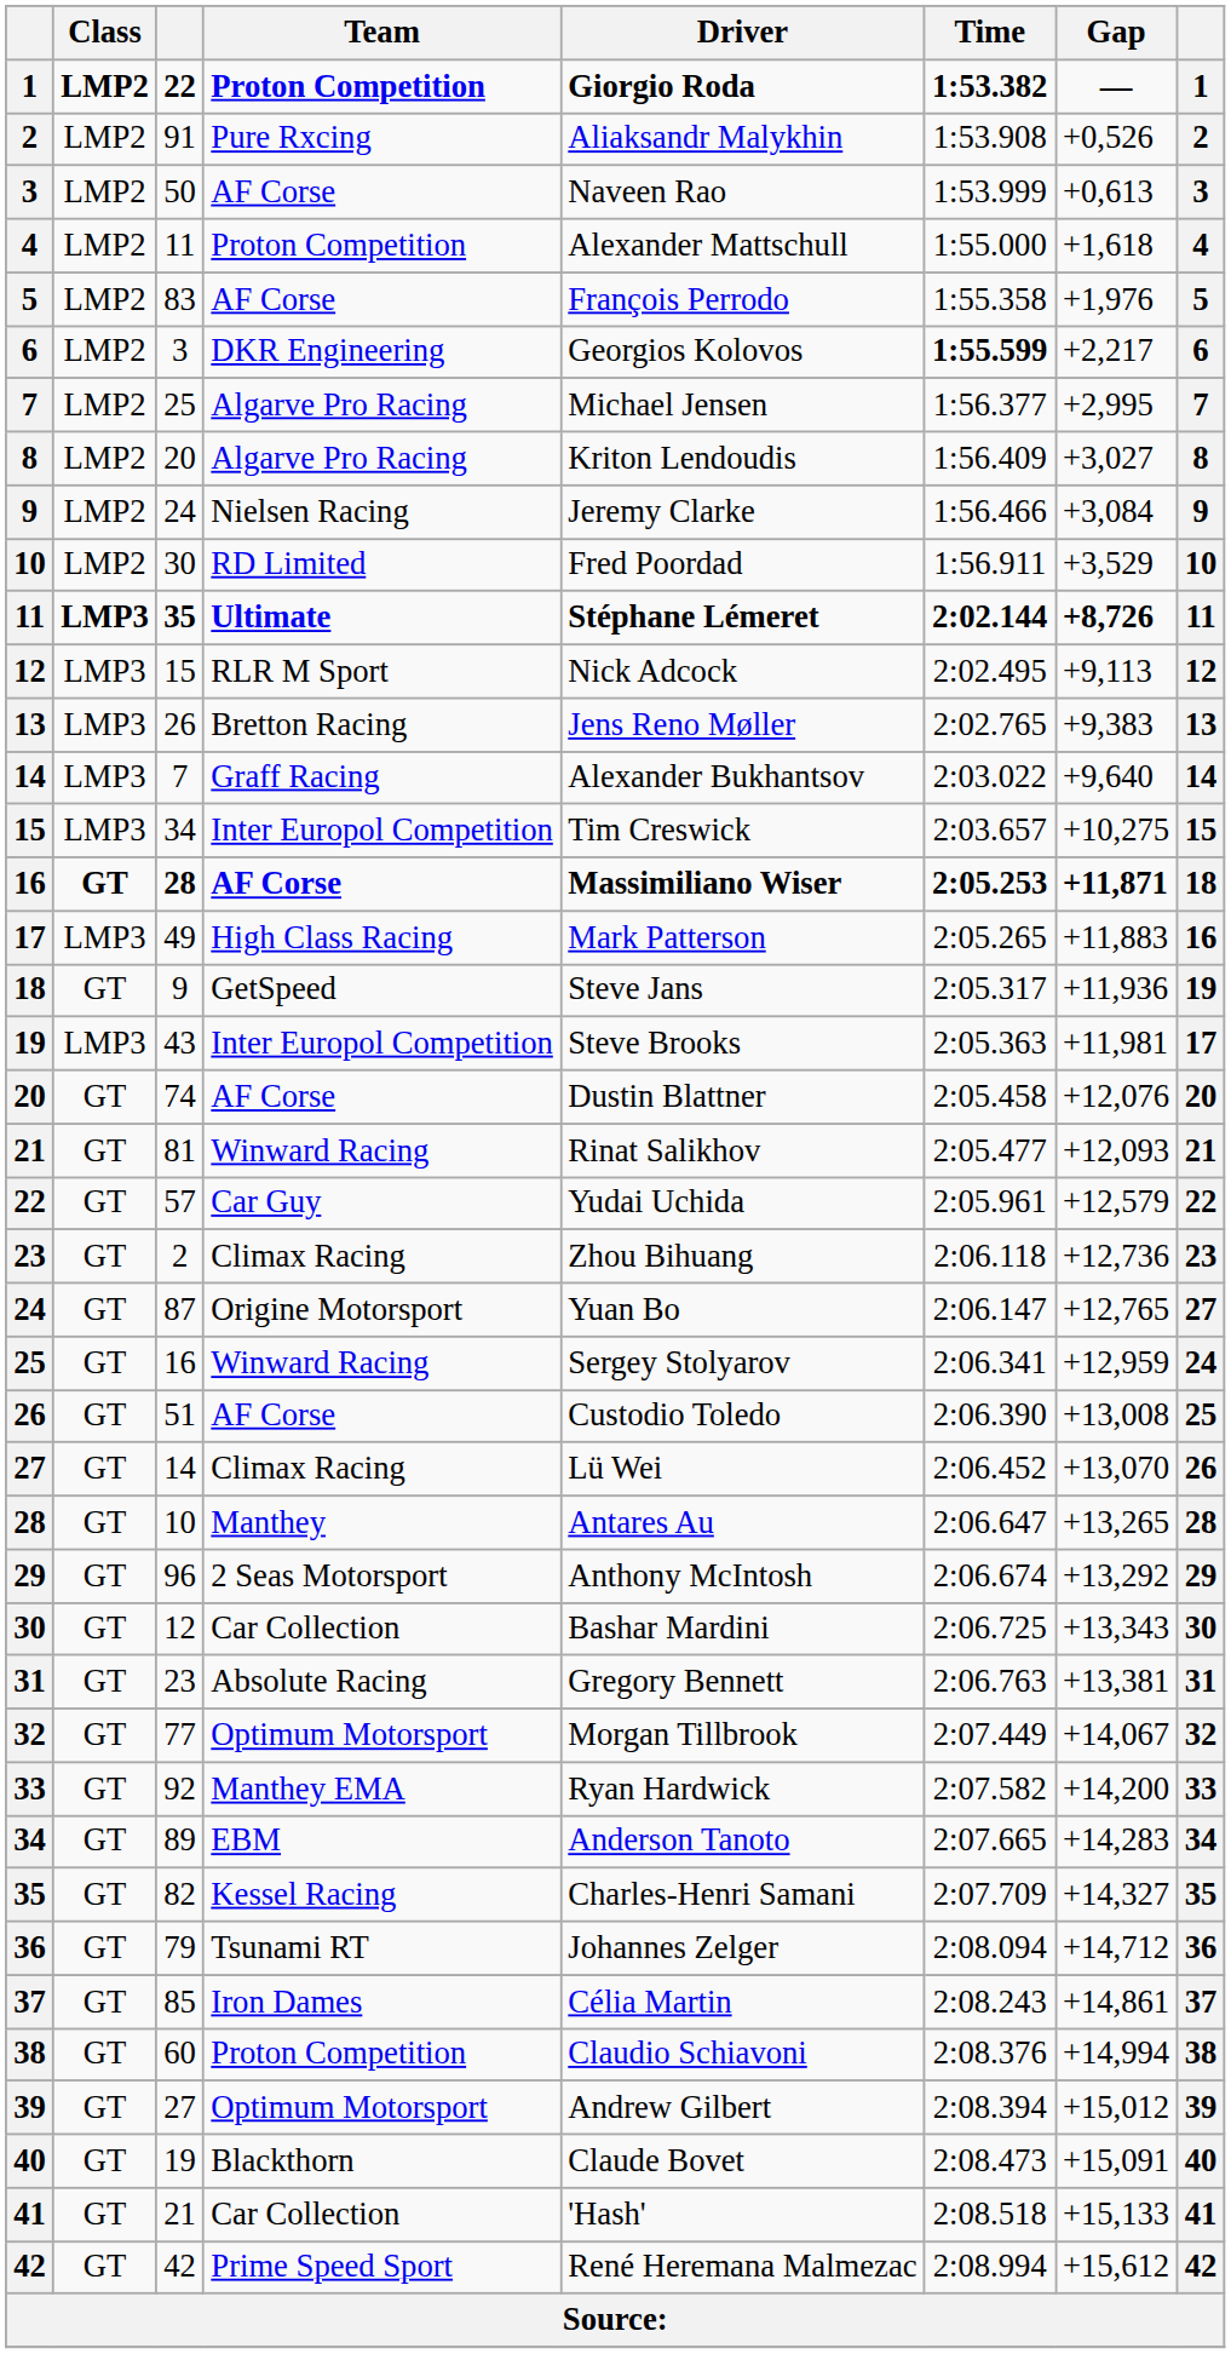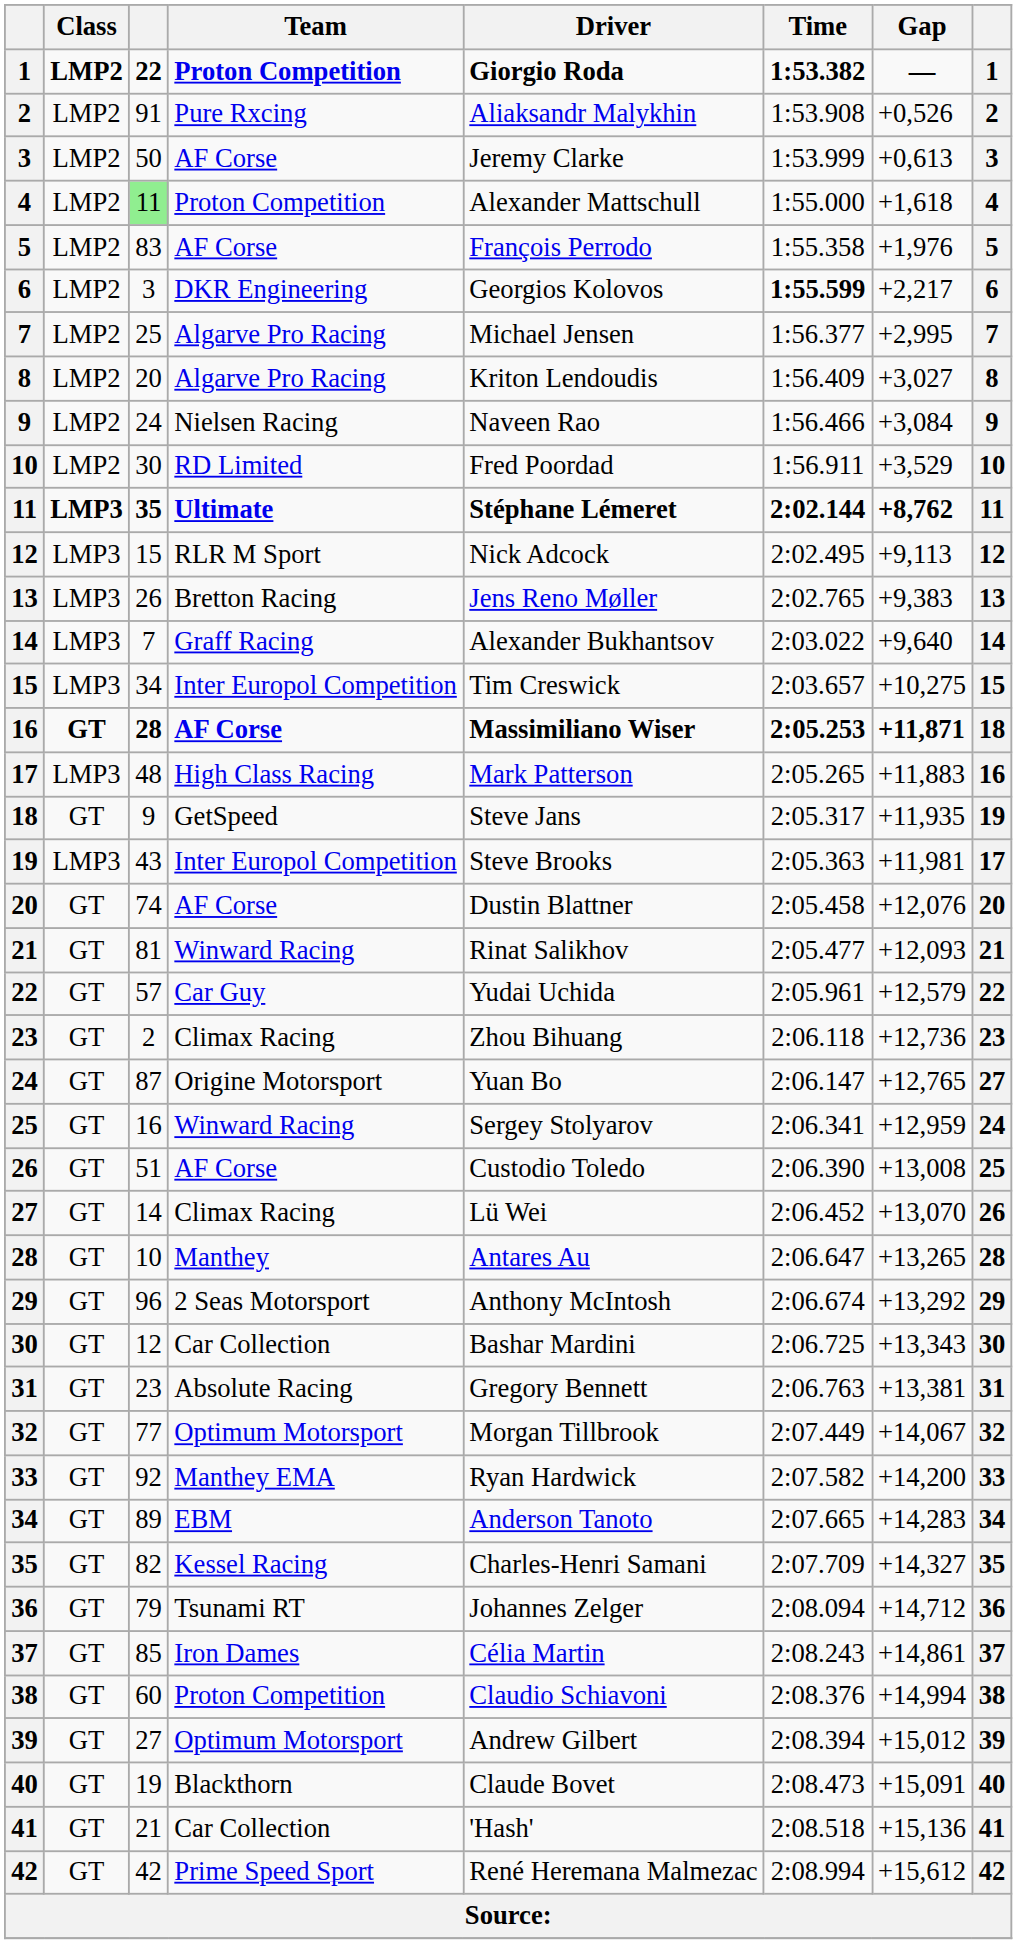 <table class="wikitable sortable" style="font-size: 90%;">
 <tr>
 <th></th>
 <th class="unsortable">Class</th>
 <th class="unsortable"></th>
 <th class="unsortable">Team</th>
 <th class="unsortable">Driver</th>
 <th class="unsortable">Time</th>
 <th class="unsortable">Gap</th>
 <th></th>
 </tr>
 <tr style="font-weight: bold;">
 <th>1</th>
 <td align="center">LMP2</td>
 <td align="center">22</td>
 <td> <a href='#'>Proton Competition</a></td>
 <td> Giorgio Roda</td>
 <td align="center">1:53.382</td>
 <td align="center">—</td>
 <th>1</th>
 </tr>
 <tr>
 <th>2</th>
 <td align="center">LMP2</td>
 <td align="center">91</td>
 <td> <a href='#'>Pure Rxcing</a></td>
 <td> <a href='#'>Aliaksandr Malykhin</a></td>
 <td align="center">1:53.908</td>
 <td>+0,526</td>
 <th>2</th>
 </tr>
 <tr>
 <th>3</th>
 <td align="center">LMP2</td>
 <td align="center">50</td>
 <td> <a href='#'>AF Corse</a></td>
-<td> Naveen Rao</td>
+<td> Jeremy Clarke</td>
 <td align="center">1:53.999</td>
 <td>+0,613</td>
 <th>3</th>
 </tr>
 <tr>
 <th>4</th>
 <td align="center">LMP2</td>
-<td align="center">11</td>
+<td align="center" style="background: lightgreen;">11</td>
 <td> <a href='#'>Proton Competition</a></td>
 <td> Alexander Mattschull</td>
 <td align="center">1:55.000</td>
 <td>+1,618</td>
 <th>4</th>
 </tr>
 <tr>
 <th>5</th>
 <td align="center">LMP2</td>
 <td align="center">83</td>
 <td> <a href='#'>AF Corse</a></td>
 <td> <a href='#'>François Perrodo</a></td>
 <td align="center">1:55.358</td>
 <td>+1,976</td>
 <th>5</th>
 </tr>
 <tr>
 <th>6</th>
 <td align="center">LMP2</td>
 <td align="center">3</td>
 <td> <a href='#'>DKR Engineering</a></td>
 <td> Georgios Kolovos</td>
 <td align="center"><strong>1:55.599</strong></td>
 <td>+2,217</td>
 <th>6</th>
 </tr>
 <tr>
 <th>7</th>
 <td align="center">LMP2</td>
 <td align="center">25</td>
 <td> <a href='#'>Algarve Pro Racing</a></td>
 <td> Michael Jensen</td>
 <td align="center">1:56.377</td>
 <td>+2,995</td>
 <th>7</th>
 </tr>
 <tr>
 <th>8</th>
 <td align="center">LMP2</td>
 <td align="center">20</td>
 <td> <a href='#'>Algarve Pro Racing</a></td>
 <td> Kriton Lendoudis</td>
 <td align="center">1:56.409</td>
 <td>+3,027</td>
 <th>8</th>
 </tr>
 <tr>
 <th>9</th>
 <td align="center">LMP2</td>
 <td align="center">24</td>
 <td> Nielsen Racing</td>
-<td> Jeremy Clarke</td>
+<td> Naveen Rao</td>
 <td align="center">1:56.466</td>
 <td>+3,084</td>
 <th>9</th>
 </tr>
 <tr>
 <th>10</th>
 <td align="center">LMP2</td>
 <td align="center">30</td>
 <td> <a href='#'>RD Limited</a></td>
 <td> Fred Poordad</td>
 <td align="center">1:56.911</td>
 <td>+3,529</td>
 <th>10</th>
 </tr>
 <tr style="font-weight: bold;">
 <th>11</th>
 <td align="center">LMP3</td>
 <td align="center">35</td>
 <td> <a href='#'>Ultimate</a></td>
 <td> Stéphane Lémeret</td>
 <td align="center">2:02.144</td>
-<td>+8,726</td>
+<td>+8,762</td>
 <th>11</th>
 </tr>
 <tr>
 <th>12</th>
 <td align="center">LMP3</td>
 <td align="center">15</td>
 <td> RLR M Sport</td>
 <td> Nick Adcock</td>
 <td align="center">2:02.495</td>
 <td>+9,113</td>
 <th>12</th>
 </tr>
 <tr>
 <th>13</th>
 <td align="center">LMP3</td>
 <td align="center">26</td>
 <td> Bretton Racing</td>
 <td> <a href='#'>Jens Reno Møller</a></td>
 <td align="center">2:02.765</td>
 <td>+9,383</td>
 <th>13</th>
 </tr>
 <tr>
 <th>14</th>
 <td align="center">LMP3</td>
 <td align="center">7</td>
 <td> <a href='#'>Graff Racing</a></td>
 <td> Alexander Bukhantsov</td>
 <td align="center">2:03.022</td>
 <td>+9,640</td>
 <th>14</th>
 </tr>
 <tr>
 <th>15</th>
 <td align="center">LMP3</td>
 <td align="center">34</td>
 <td> <a href='#'>Inter Europol Competition</a></td>
 <td> Tim Creswick</td>
 <td align="center">2:03.657</td>
 <td>+10,275</td>
 <th>15</th>
 </tr>
 <tr style="font-weight: bold;">
 <th>16</th>
 <td align="center">GT</td>
 <td align="center">28</td>
 <td> <a href='#'>AF Corse</a></td>
 <td> Massimiliano Wiser</td>
 <td align="center">2:05.253</td>
 <td>+11,871</td>
 <th>18</th>
 </tr>
 <tr>
 <th>17</th>
 <td align="center">LMP3</td>
-<td align="center">49</td>
+<td align="center">48</td>
 <td> <a href='#'>High Class Racing</a></td>
 <td> <a href='#'>Mark Patterson</a></td>
 <td align="center">2:05.265</td>
 <td>+11,883</td>
 <th>16</th>
 </tr>
 <tr>
 <th>18</th>
 <td align="center">GT</td>
 <td align="center">9</td>
 <td> GetSpeed</td>
 <td> Steve Jans</td>
 <td align="center">2:05.317</td>
-<td>+11,936</td>
+<td>+11,935</td>
 <th>19</th>
 </tr>
 <tr>
 <th>19</th>
 <td align="center">LMP3</td>
 <td align="center">43</td>
 <td> <a href='#'>Inter Europol Competition</a></td>
 <td> Steve Brooks</td>
 <td align="center">2:05.363</td>
 <td>+11,981</td>
 <th>17</th>
 </tr>
 <tr>
 <th>20</th>
 <td align="center">GT</td>
 <td align="center">74</td>
 <td> <a href='#'>AF Corse</a></td>
 <td> Dustin Blattner</td>
 <td align="center">2:05.458</td>
 <td>+12,076</td>
 <th>20</th>
 </tr>
 <tr>
 <th>21</th>
 <td align="center">GT</td>
 <td align="center">81</td>
 <td> <a href='#'>Winward Racing</a></td>
 <td> Rinat Salikhov</td>
 <td align="center">2:05.477</td>
 <td>+12,093</td>
 <th>21</th>
 </tr>
 <tr>
 <th>22</th>
 <td align="center">GT</td>
 <td align="center">57</td>
 <td> <a href='#'>Car Guy</a></td>
 <td> Yudai Uchida</td>
 <td align="center">2:05.961</td>
 <td>+12,579</td>
 <th>22</th>
 </tr>
 <tr>
 <th>23</th>
 <td align="center">GT</td>
 <td align="center">2</td>
 <td> Climax Racing</td>
 <td> Zhou Bihuang</td>
 <td align="center">2:06.118</td>
 <td>+12,736</td>
 <th>23</th>
 </tr>
 <tr>
 <th>24</th>
 <td align="center">GT</td>
 <td align="center">87</td>
 <td> Origine Motorsport</td>
 <td> Yuan Bo</td>
 <td align="center">2:06.147</td>
 <td>+12,765</td>
 <th>27</th>
 </tr>
 <tr>
 <th>25</th>
 <td align="center">GT</td>
 <td align="center">16</td>
 <td> <a href='#'>Winward Racing</a></td>
 <td> Sergey Stolyarov</td>
 <td align="center">2:06.341</td>
 <td>+12,959</td>
 <th>24</th>
 </tr>
 <tr>
 <th>26</th>
 <td align="center">GT</td>
 <td align="center">51</td>
 <td> <a href='#'>AF Corse</a></td>
 <td> Custodio Toledo</td>
 <td align="center">2:06.390</td>
 <td>+13,008</td>
 <th>25</th>
 </tr>
 <tr>
 <th>27</th>
 <td align="center">GT</td>
 <td align="center">14</td>
 <td> Climax Racing</td>
 <td> Lü Wei</td>
 <td align="center">2:06.452</td>
 <td>+13,070</td>
 <th>26</th>
 </tr>
 <tr>
 <th>28</th>
 <td align="center">GT</td>
 <td align="center">10</td>
 <td> <a href='#'>Manthey</a></td>
 <td> <a href='#'>Antares Au</a></td>
 <td align="center">2:06.647</td>
 <td>+13,265</td>
 <th>28</th>
 </tr>
 <tr>
 <th>29</th>
 <td align="center">GT</td>
 <td align="center">96</td>
 <td> 2 Seas Motorsport</td>
 <td> Anthony McIntosh</td>
 <td align="center">2:06.674</td>
 <td>+13,292</td>
 <th>29</th>
 </tr>
 <tr>
 <th>30</th>
 <td align="center">GT</td>
 <td align="center">12</td>
 <td> Car Collection</td>
 <td> Bashar Mardini</td>
 <td align="center">2:06.725</td>
 <td>+13,343</td>
 <th>30</th>
 </tr>
 <tr>
 <th>31</th>
 <td align="center">GT</td>
 <td align="center">23</td>
 <td> Absolute Racing</td>
 <td> Gregory Bennett</td>
 <td align="center">2:06.763</td>
 <td>+13,381</td>
 <th>31</th>
 </tr>
 <tr>
 <th>32</th>
 <td align="center">GT</td>
 <td align="center">77</td>
 <td> <a href='#'>Optimum Motorsport</a></td>
 <td> Morgan Tillbrook</td>
 <td align="center">2:07.449</td>
 <td>+14,067</td>
 <th>32</th>
 </tr>
 <tr>
 <th>33</th>
 <td align="center">GT</td>
 <td align="center">92</td>
 <td> <a href='#'>Manthey EMA</a></td>
 <td> Ryan Hardwick</td>
 <td align="center">2:07.582</td>
 <td>+14,200</td>
 <th>33</th>
 </tr>
 <tr>
 <th>34</th>
 <td align="center">GT</td>
 <td align="center">89</td>
 <td> <a href='#'>EBM</a></td>
 <td> <a href='#'>Anderson Tanoto</a></td>
 <td align="center">2:07.665</td>
 <td>+14,283</td>
 <th>34</th>
 </tr>
 <tr>
 <th>35</th>
 <td align="center">GT</td>
 <td align="center">82</td>
 <td> <a href='#'>Kessel Racing</a></td>
 <td> Charles-Henri Samani</td>
 <td align="center">2:07.709</td>
 <td>+14,327</td>
 <th>35</th>
 </tr>
 <tr>
 <th>36</th>
 <td align="center">GT</td>
 <td align="center">79</td>
 <td> Tsunami RT</td>
 <td> Johannes Zelger</td>
 <td align="center">2:08.094</td>
 <td>+14,712</td>
 <th>36</th>
 </tr>
 <tr>
 <th>37</th>
 <td align="center">GT</td>
 <td align="center">85</td>
 <td> <a href='#'>Iron Dames</a></td>
 <td> <a href='#'>Célia Martin</a></td>
 <td align="center">2:08.243</td>
 <td>+14,861</td>
 <th>37</th>
 </tr>
 <tr>
 <th>38</th>
 <td align="center">GT</td>
 <td align="center">60</td>
 <td> <a href='#'>Proton Competition</a></td>
 <td> <a href='#'>Claudio Schiavoni</a></td>
 <td align="center">2:08.376</td>
 <td>+14,994</td>
 <th>38</th>
 </tr>
 <tr>
 <th>39</th>
 <td align="center">GT</td>
 <td align="center">27</td>
 <td> <a href='#'>Optimum Motorsport</a></td>
 <td> Andrew Gilbert</td>
 <td align="center">2:08.394</td>
 <td>+15,012</td>
 <th>39</th>
 </tr>
 <tr>
 <th>40</th>
 <td align="center">GT</td>
 <td align="center">19</td>
 <td> Blackthorn</td>
 <td> Claude Bovet</td>
 <td align="center">2:08.473</td>
 <td>+15,091</td>
 <th>40</th>
 </tr>
 <tr>
 <th>41</th>
 <td align="center">GT</td>
 <td align="center">21</td>
 <td> Car Collection</td>
 <td> 'Hash'</td>
 <td align="center">2:08.518</td>
-<td>+15,133</td>
+<td>+15,136</td>
 <th>41</th>
 </tr>
 <tr>
 <th>42</th>
 <td align="center">GT</td>
 <td align="center">42</td>
 <td> <a href='#'>Prime Speed Sport</a></td>
 <td> René Heremana Malmezac</td>
 <td align="center">2:08.994</td>
 <td>+15,612</td>
 <th>42</th>
 </tr>
 <tr>
 <th colspan="8">Source:</th>
 </tr>
 <tr>
 </tr>
 </table>
